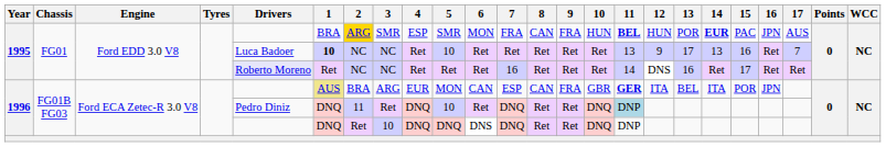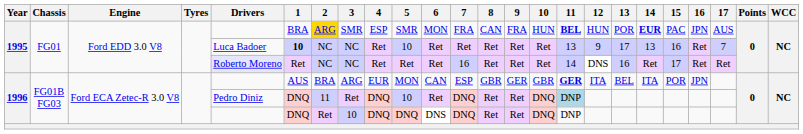 <table class="wikitable" style="text-align:center; font-size:85%">
 <tr>
 <th>Year</th>
 <th>Chassis</th>
 <th>Engine</th>
 <th>Tyres</th>
 <th>Drivers</th>
 <th>1</th>
 <th>2</th>
 <th>3</th>
 <th>4</th>
 <th>5</th>
 <th>6</th>
 <th>7</th>
 <th>8</th>
 <th>9</th>
 <th>10</th>
 <th>11</th>
 <th>12</th>
 <th>13</th>
 <th>14</th>
 <th>15</th>
 <th>16</th>
 <th>17</th>
 <th>Points</th>
 <th>WCC</th>
 </tr>
 <tr>
 <th rowspan="3"><a href='#'>1995</a></th>
 <td rowspan="3"><a href='#'>FG01</a></td>
 <td rowspan="3"><a href='#'>Ford EDD</a> 3.0 <a href='#'>V8</a></td>
 <td rowspan="3"></td>
 <td></td>
 <td><a href='#'>BRA</a></td>
 <td style="background: gold;"><a href='#'>ARG</a></td>
 <td><a href='#'>SMR</a></td>
 <td><a href='#'>ESP</a></td>
 <td><a href='#'>SMR</a></td>
 <td><a href='#'>MON</a></td>
 <td><a href='#'>FRA</a></td>
 <td><a href='#'>CAN</a></td>
 <td><a href='#'>FRA</a></td>
 <td><a href='#'>HUN</a></td>
 <td><strong><a href='#'>BEL</a></strong></td>
 <td><a href='#'>HUN</a></td>
 <td><a href='#'>POR</a></td>
 <td><strong><a href='#'>EUR</a></strong></td>
 <td><a href='#'>PAC</a></td>
 <td><a href='#'>JPN</a></td>
 <td><a href='#'>AUS</a></td>
 <th rowspan="3">0</th>
 <th rowspan="3">NC</th>
 </tr>
 <tr>
 <td align="left"> <a href='#'>Luca Badoer</a></td>
 <td style="background:#CFCFFF;"><strong>10</strong></td>
 <td style="background:#CFCFFF;">NC</td>
 <td style="background:#CFCFFF;">NC</td>
 <td style="background:#EFCFFF;">Ret</td>
 <td style="background:#CFCFFF;">10</td>
 <td style="background:#EFCFFF;">Ret</td>
 <td style="background:#EFCFFF;">Ret</td>
 <td style="background:#EFCFFF;">Ret</td>
 <td style="background:#EFCFFF;">Ret</td>
 <td style="background:#EFCFFF;">Ret</td>
 <td style="background:#CFCFFF;">13</td>
 <td style="background:#CFCFFF;">9</td>
 <td style="background:#cfcfff;">17</td>
 <td style="background:#CFCFFF;">13</td>
 <td style="background:#cfcfff;">16</td>
 <td style="background:#EFCFFF;">Ret</td>
 <td style="background:#CFCFFF;">7</td>
 </tr>
 <tr>
 <td align="left" style="background: lavender;"> <a href='#'>Roberto Moreno</a></td>
 <td style="background:#efcfff;">Ret</td>
 <td style="background:#cfcfff;">NC</td>
 <td style="background:#cfcfff;">NC</td>
 <td style="background:#efcfff;">Ret</td>
 <td style="background:#efcfff;">Ret</td>
 <td style="background:#efcfff;">Ret</td>
 <td style="background:#cfcfff;">16</td>
 <td style="background:#efcfff;">Ret</td>
 <td style="background:#efcfff;">Ret</td>
 <td style="background:#efcfff;">Ret</td>
 <td style="background:#cfcfff;">14</td>
 <td style="background:#ffffff;">DNS</td>
 <td style="background:#CFCFFF;">16</td>
 <td style="background:#efcfff;">Ret</td>
 <td style="background:#CFCFFF;">17</td>
 <td style="background:#efcfff;">Ret</td>
 <td style="background:#efcfff;">Ret</td>
 </tr>
 <tr>
 <th rowspan="3"><a href='#'>1996</a></th>
 <td rowspan="3"><a href='#'>FG01B</a><br><a href='#'>FG03</a></td>
 <td rowspan="3"><a href='#'>Ford ECA Zetec-R</a> 3.0 <a href='#'>V8</a></td>
 <td rowspan="3"></td>
 <td></td>
-<td style="background: khaki;"><a href='#'>AUS</a></td>
+<td><a href='#'>AUS</a></td>
 <td><a href='#'>BRA</a></td>
 <td><a href='#'>ARG</a></td>
 <td><a href='#'>EUR</a></td>
 <td><a href='#'>MON</a></td>
 <td><a href='#'>CAN</a></td>
 <td><a href='#'>ESP</a></td>
-<td><a href='#'>CAN</a></td>
-<td><a href='#'>FRA</a></td>
+<td><a href='#'>GBR</a></td>
+<td><a href='#'>GER</a></td>
 <td><a href='#'>GBR</a></td>
 <td><strong><a href='#'>GER</a></strong></td>
 <td><a href='#'>ITA</a></td>
 <td><a href='#'>BEL</a></td>
 <td><a href='#'>ITA</a></td>
 <td><a href='#'>POR</a></td>
 <td><a href='#'>JPN</a></td>
 <td></td>
 <th rowspan="3">0</th>
 <th rowspan="3">NC</th>
 </tr>
 <tr>
 <td align="left"> <a href='#'>Pedro Diniz</a></td>
 <td style="background:#FFCFCF;">DNQ</td>
 <td style="background:#CFCFFF;">11</td>
 <td style="background:#EFCFFF;">Ret</td>
 <td style="background:#FFCFCF;">DNQ</td>
 <td style="background:#CFCFFF;">10</td>
 <td style="background:#EFCFFF;">Ret</td>
 <td style="background:#FFCFCF;">DNQ</td>
 <td style="background:#EFCFFF;">Ret</td>
 <td style="background:#EFCFFF;">Ret</td>
 <td style="background:#FFCFCF;">DNQ</td>
 <td style="background: lightblue;">DNP</td>
 <td></td>
 <td></td>
 <td></td>
 <td></td>
 <td></td>
 <td></td>
 </tr>
 <tr>
 <td align="left"></td>
 <td style="background:#FFCFCF;">DNQ</td>
 <td style="background:#EFCFFF;">Ret</td>
 <td style="background:#CFCFFF;">10</td>
 <td style="background:#FFCFCF;">DNQ</td>
 <td style="background:#FFCFCF;">DNQ</td>
 <td style="background:#FFFFFF;">DNS</td>
 <td style="background:#FFCFCF;">DNQ</td>
 <td style="background:#EFCFFF;">Ret</td>
 <td style="background:#EFCFFF;">Ret</td>
 <td style="background:#FFCFCF;">DNQ</td>
 <td>DNP</td>
 <td></td>
 <td></td>
 <td></td>
 <td></td>
 <td></td>
 <td></td>
 </tr>
 <tr>
 <th colspan="25"></th>
 </tr>
 </table>
